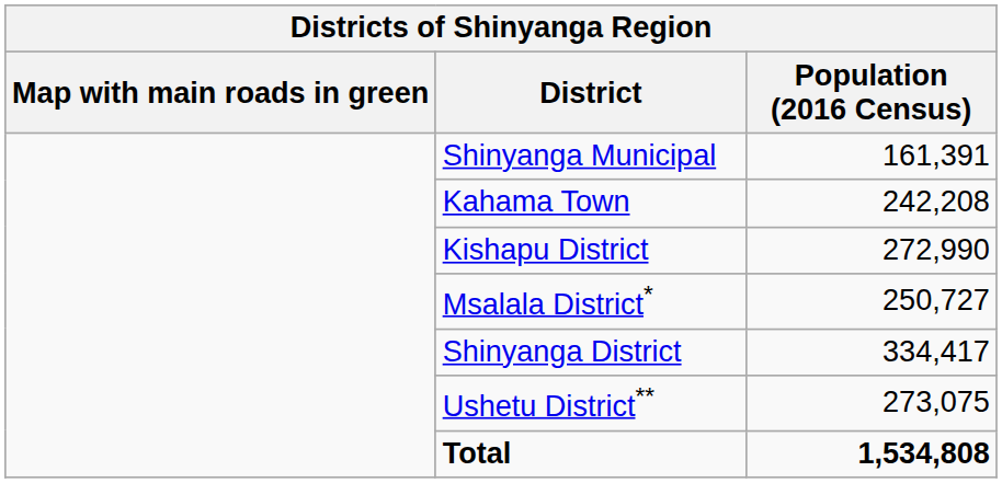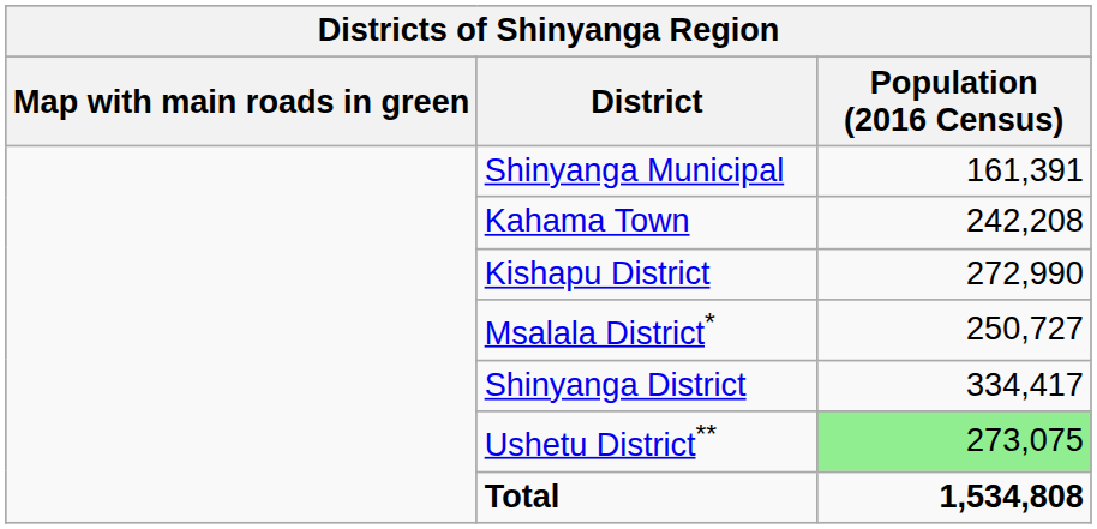 <table class="wikitable">
 <tr>
 <th colspan="7">Districts of Shinyanga Region</th>
 </tr>
 <tr style="text-align:center;">
 <th>Map with main roads in green</th>
 <th style="width: 10em">District</th>
 <th style="width: 8em">Population<br>(2016 Census)</th>
 </tr>
 <tr>
 <td rowspan=7></td>
 <td><a href='#'>Shinyanga Municipal</a></td>
 <td style="text-align:right;">161,391</td>
 </tr>
 <tr>
 <td><a href='#'>Kahama Town</a></td>
 <td style="text-align:right;">242,208</td>
 </tr>
 <tr>
 <td><a href='#'>Kishapu District</a></td>
 <td style="text-align:right;">272,990</td>
 </tr>
 <tr>
 <td><a href='#'>Msalala District</a><sup>*</sup></td>
 <td style="text-align:right;">250,727</td>
 </tr>
 <tr>
 <td><a href='#'>Shinyanga District</a></td>
 <td style="text-align:right;">334,417</td>
 </tr>
 <tr>
 <td><a href='#'>Ushetu District</a><sup>**</sup></td>
-<td style="text-align:right;">273,075</td>
+<td style="background: lightgreen; text-align:right;">273,075</td>
 </tr>
 <tr>
 <td><strong>Total</strong></td>
 <td style="text-align:right;"><strong>1,534,808</strong></td>
 </tr>
 </table>
